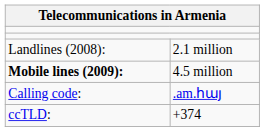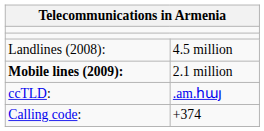 <table class="wikitable" border="1" width="300" align="right">
 <tr>
 <th colspan="2" align="center">Telecommunications in Armenia</th>
 </tr>
 <tr>
 <td colspan="2" align="center"></td>
 </tr>
 <tr>
 <td colspan="2" align="center"></td>
 </tr>
 <tr>
 <td> Landlines (2008):</td>
+<td>4.5 million</td>
+</tr>
+<tr>
+<td><strong> Mobile lines (2009):</strong></td>
 <td>2.1 million</td>
 </tr>
 <tr>
-<td><strong> Mobile lines (2009):</strong></td>
-<td>4.5 million</td>
+<td><a href='#'>ccTLD</a>:</td>
+<td><a href='#'>.am</a><a href='#'>.հայ</a></td>
 </tr>
 <tr>
 <td><a href='#'>Calling code</a>:</td>
-<td><a href='#'>.am</a><a href='#'>.հայ</a></td>
-</tr>
-<tr>
-<td><a href='#'>ccTLD</a>:</td>
 <td>+374</td>
 </tr>
 </table>
